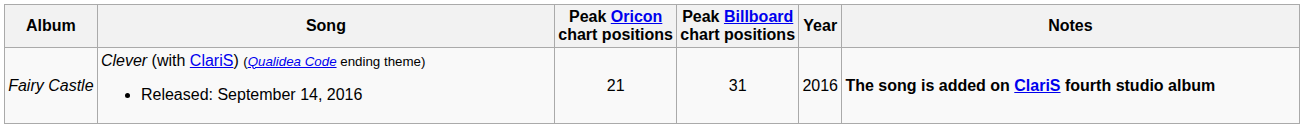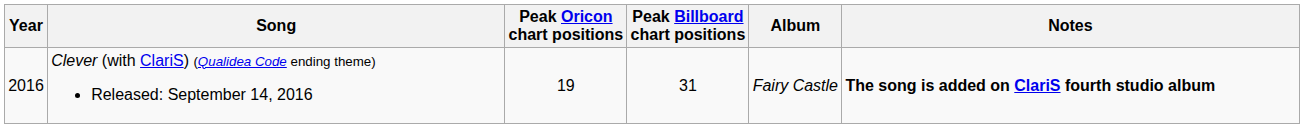 <table class="wikitable" border="1">
 <tr>
-<th rowspan="1">Album</th>
+<th rowspan="1">Year</th>
 <th rowspan="1" width="450">Song</th>
 <th colspan="1">Peak <a href='#'>Oricon</a><br> chart positions</th>
 <th colspan="1">Peak <a href='#'>Billboard</a><br> chart positions</th>
-<th rowspan="1">Year</th>
+<th rowspan="1">Album</th>
 <th rowspan="1" width="450">Notes</th>
 </tr>
 <tr>
+<td rowspan="1">2016</td>
+<td align="left"><em>Clever</em> (with <a href='#'>ClariS</a>) <small>(<em><a href='#'>Qualidea Code</a></em> ending theme)</small><br><ul><li>Released: September 14, 2016</li></ul></td>
+<td align="center">19</td>
+<td align="center">31</td>
 <td align="center"><em>Fairy Castle</em></td>
-<td align="left"><em>Clever</em> (with <a href='#'>ClariS</a>) <small>(<em><a href='#'>Qualidea Code</a></em> ending theme)</small><br><ul><li>Released: September 14, 2016</li></ul></td>
-<td align="center">21</td>
-<td align="center">31</td>
-<td rowspan="1">2016</td>
 <td align="left"><strong>The song is added on <a href='#'>ClariS</a> fourth studio album</strong></td>
 </tr>
 </table>
